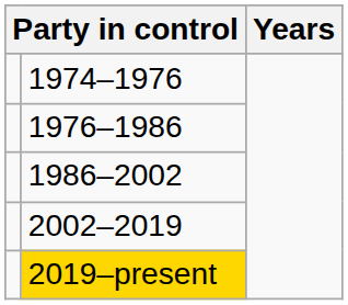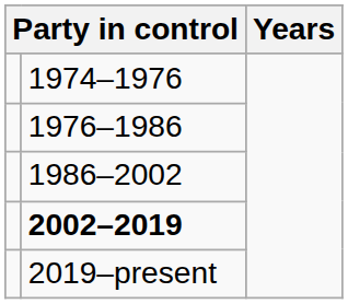 <table class="wikitable">
 <tr>
 <th colspan=2>Party in control</th>
 <th>Years</th>
 </tr>
 <tr>
 <td></td>
 <td>1974–1976</td>
 </tr>
 <tr>
 <td></td>
 <td>1976–1986</td>
 </tr>
 <tr>
 <td></td>
 <td>1986–2002</td>
 </tr>
 <tr>
 <td></td>
-<td>2002–2019</td>
+<td><strong>2002–2019</strong></td>
 </tr>
 <tr>
 <td></td>
-<td style="background: gold;">2019–present</td>
+<td>2019–present</td>
 </tr>
 </table>
